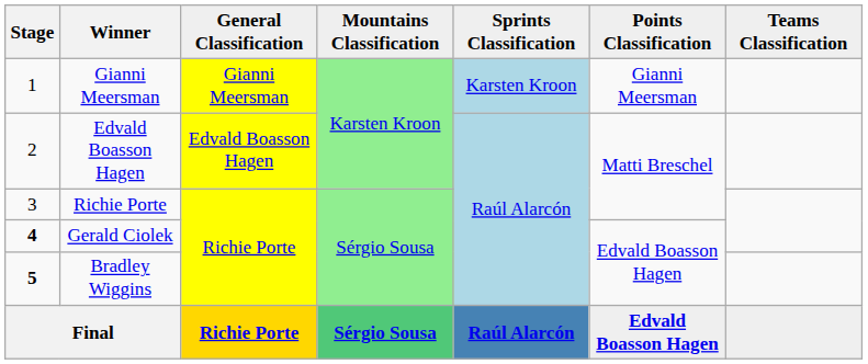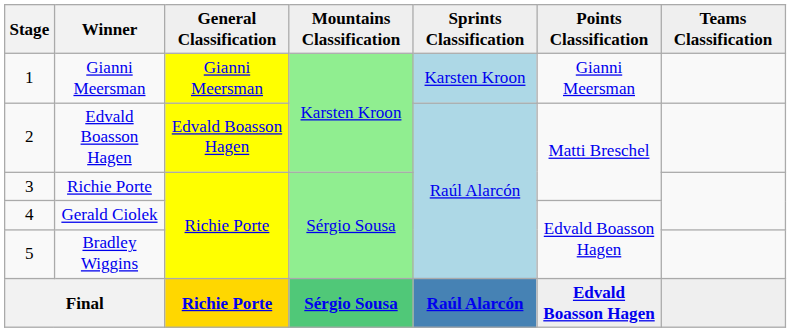 <table class="wikitable" style="text-align: center; font-size:smaller;">
 <tr style="background-color: #efefef;">
 <th width="1%">Stage</th>
 <th width="12%">Winner</th>
 <th style="background:#EFEFEF;" width="12%">General Classification<br></th>
 <th style="background:#EFEFEF;" width="12%">Mountains Classification<br></th>
 <th style="background:#EFEFEF"  width="12%">Sprints Classification<br></th>
 <th style="background:#EFEFEF"  width="12%">Points Classification<br></th>
 <th style="background:#EFEFEF;" width="12%">Teams Classification</th>
 </tr>
 <tr>
 <td>1</td>
 <td><a href='#'>Gianni Meersman</a></td>
 <td style="background:yellow;"><a href='#'>Gianni Meersman</a></td>
 <td style="background:lightgreen;" rowspan=2><a href='#'>Karsten Kroon</a></td>
 <td style="background:lightblue;"><a href='#'>Karsten Kroon</a></td>
 <td><a href='#'>Gianni Meersman</a></td>
 <td></td>
 </tr>
 <tr>
 <td>2</td>
 <td><a href='#'>Edvald Boasson Hagen</a></td>
 <td style="background:yellow;"><a href='#'>Edvald Boasson Hagen</a></td>
 <td style="background:lightblue;" rowspan=4><a href='#'>Raúl Alarcón</a></td>
 <td rowspan=2><a href='#'>Matti Breschel</a></td>
 <td></td>
 </tr>
 <tr>
 <td>3</td>
 <td><a href='#'>Richie Porte</a></td>
 <td style="background:yellow;" rowspan=3><a href='#'>Richie Porte</a></td>
 <td style="background:lightgreen;" rowspan=3><a href='#'>Sérgio Sousa</a></td>
 <td rowspan=2></td>
 </tr>
 <tr>
-<td><strong>4</strong></td>
+<td>4</td>
 <td><a href='#'>Gerald Ciolek</a></td>
 <td rowspan=2><a href='#'>Edvald Boasson Hagen</a></td>
 </tr>
 <tr>
-<td><strong>5</strong></td>
+<td>5</td>
 <td><a href='#'>Bradley Wiggins</a></td>
 <td></td>
 </tr>
 <tr>
 <th colspan=2><strong>Final</strong></th>
 <th style="background:gold;"><a href='#'>Richie Porte</a></th>
 <th style="background:#50C878;"><a href='#'>Sérgio Sousa</a></th>
 <th style="background:#4682B4;"><a href='#'>Raúl Alarcón</a></th>
 <th style="background:#EFEFEF;"><a href='#'>Edvald Boasson Hagen</a></th>
 <th style="background:#EFEFEF;"></th>
 </tr>
 </table>
